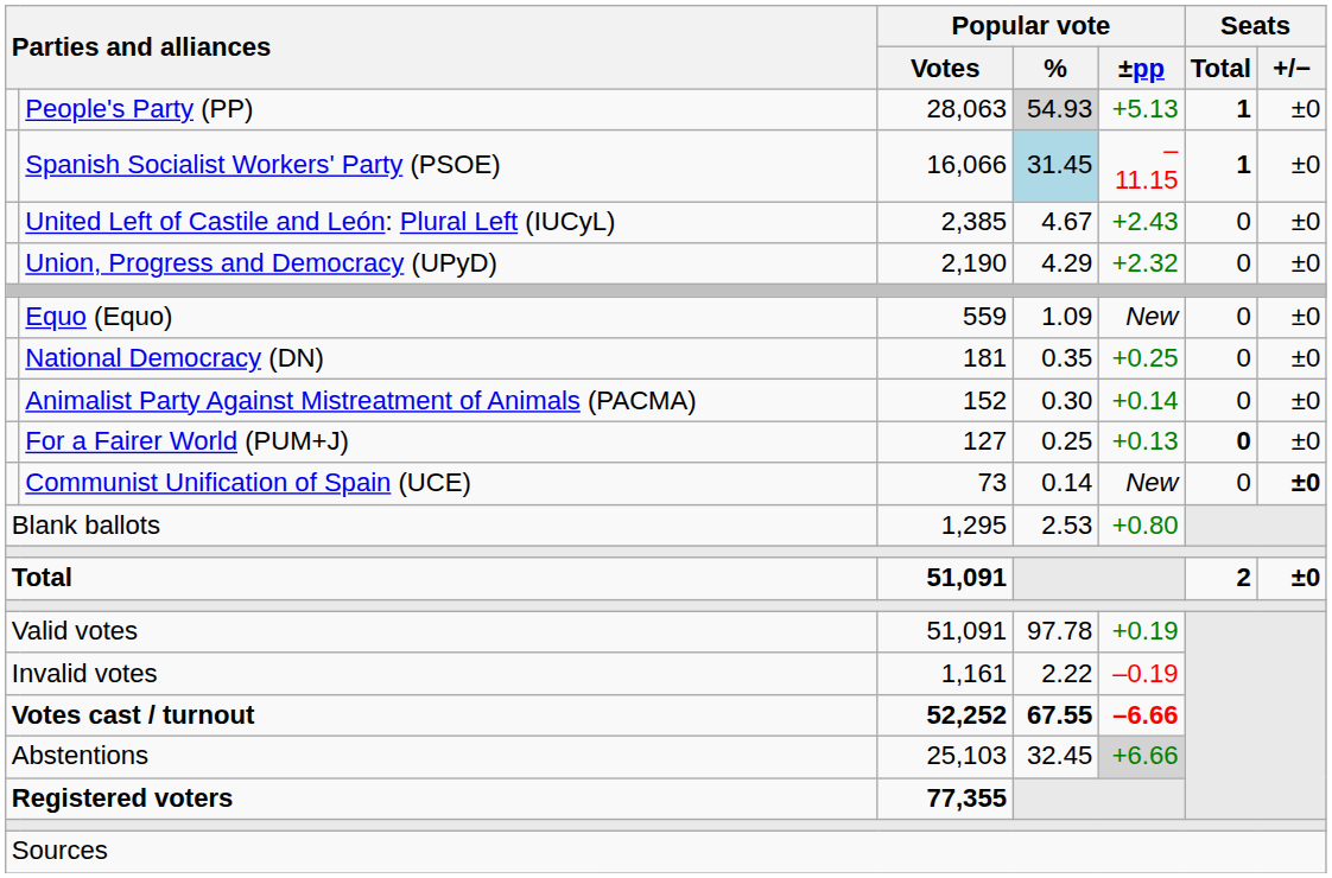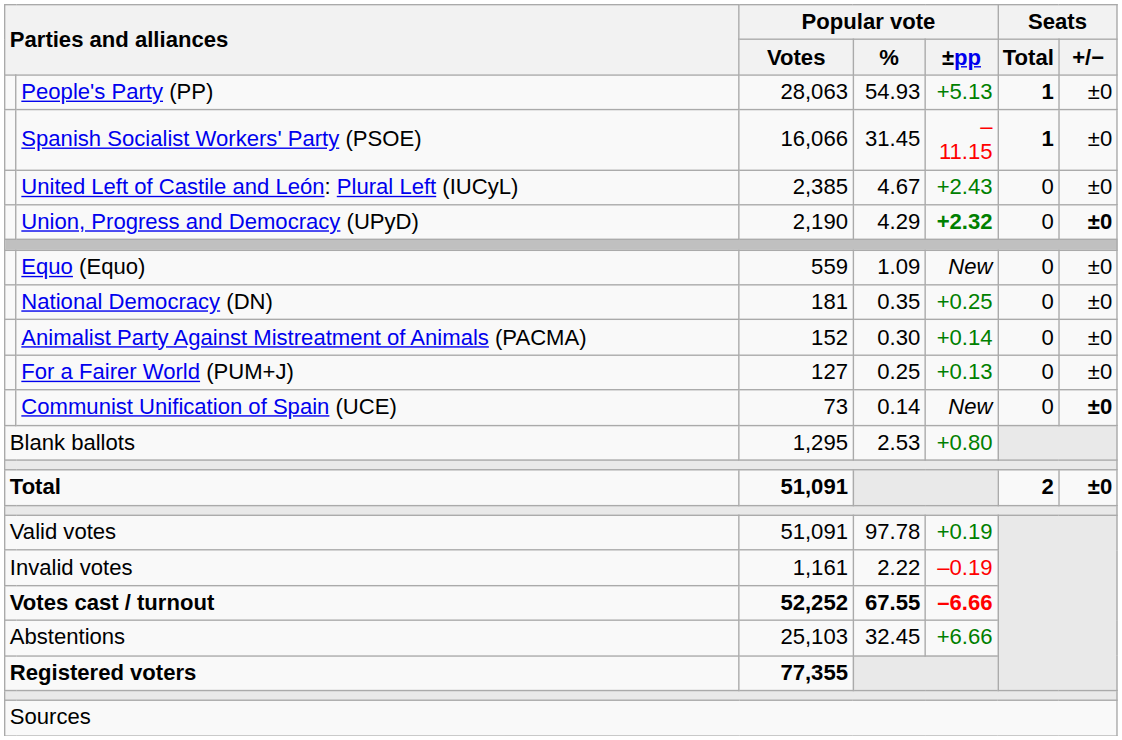 <table class="wikitable" style="text-align:right;">
 <tr>
 <th style="text-align:left;" rowspan="2" colspan="2" width="525">Parties and alliances</th>
 <th colspan="3">Popular vote</th>
 <th colspan="2">Seats</th>
 </tr>
 <tr>
 <th width="75">Votes</th>
 <th width="45">%</th>
 <th width="45">±<a href='#'>pp</a></th>
 <th width="35">Total</th>
 <th width="35">+/−</th>
 </tr>
 <tr>
 <td width="1" style="color:inherit;background:"></td>
 <td align="left"><a href='#'>People's Party</a> (PP)</td>
 <td>28,063</td>
-<td style="background: lightgrey;">54.93</td>
+<td>54.93</td>
 <td style="color:green;">+5.13</td>
 <td><strong>1</strong></td>
 <td>±0</td>
 </tr>
 <tr>
 <td style="color:inherit;background:"></td>
 <td align="left"><a href='#'>Spanish Socialist Workers' Party</a> (PSOE)</td>
 <td>16,066</td>
-<td style="background: lightblue;">31.45</td>
+<td>31.45</td>
 <td style="color:red;">–11.15</td>
 <td><strong>1</strong></td>
 <td>±0</td>
 </tr>
 <tr>
 <td style="color:inherit;background:"></td>
 <td align="left"><a href='#'>United Left of Castile and León</a>: <a href='#'>Plural Left</a> (IUCyL)</td>
 <td>2,385</td>
 <td>4.67</td>
 <td style="color:green;">+2.43</td>
 <td>0</td>
 <td>±0</td>
 </tr>
 <tr>
 <td style="color:inherit;background:"></td>
 <td align="left"><a href='#'>Union, Progress and Democracy</a> (UPyD)</td>
 <td>2,190</td>
 <td>4.29</td>
-<td style="color:green;">+2.32</td>
+<td style="color:green;"><strong>+2.32</strong></td>
 <td>0</td>
-<td>±0</td>
+<td><strong>±0</strong></td>
 </tr>
 <tr>
 <td colspan="7" bgcolor="#C0C0C0"></td>
 </tr>
 <tr>
 <td style="color:inherit;background:"></td>
 <td align="left"><a href='#'>Equo</a> (Equo)</td>
 <td>559</td>
 <td>1.09</td>
 <td><em>New</em></td>
 <td>0</td>
 <td>±0</td>
 </tr>
 <tr>
 <td style="color:inherit;background:"></td>
 <td align="left"><a href='#'>National Democracy</a> (DN)</td>
 <td>181</td>
 <td>0.35</td>
 <td style="color:green;">+0.25</td>
 <td>0</td>
 <td>±0</td>
 </tr>
 <tr>
 <td style="color:inherit;background:"></td>
 <td align="left"><a href='#'>Animalist Party Against Mistreatment of Animals</a> (PACMA)</td>
 <td>152</td>
 <td>0.30</td>
 <td style="color:green;">+0.14</td>
 <td>0</td>
 <td>±0</td>
 </tr>
 <tr>
 <td style="color:inherit;background:"></td>
 <td align="left"><a href='#'>For a Fairer World</a> (PUM+J)</td>
 <td>127</td>
 <td>0.25</td>
 <td style="color:green;">+0.13</td>
-<td><strong>0</strong></td>
+<td>0</td>
 <td>±0</td>
 </tr>
 <tr>
 <td style="color:inherit;background:"></td>
 <td align="left"><a href='#'>Communist Unification of Spain</a> (UCE)</td>
 <td>73</td>
 <td>0.14</td>
 <td><em>New</em></td>
 <td>0</td>
 <td><strong>±0</strong></td>
 </tr>
 <tr>
 <td align="left" colspan="2">Blank ballots</td>
 <td>1,295</td>
 <td>2.53</td>
 <td style="color:green;">+0.80</td>
 <td bgcolor="#E9E9E9" colspan="2"></td>
 </tr>
 <tr>
 <td colspan="7" bgcolor="#E9E9E9"></td>
 </tr>
 <tr style="font-weight:bold;">
 <td align="left" colspan="2">Total</td>
 <td>51,091</td>
 <td bgcolor="#E9E9E9" colspan="2"></td>
 <td>2</td>
 <td>±0</td>
 </tr>
 <tr>
 <td colspan="7" bgcolor="#E9E9E9"></td>
 </tr>
 <tr>
 <td align="left" colspan="2">Valid votes</td>
 <td>51,091</td>
 <td>97.78</td>
 <td style="color:green;">+0.19</td>
 <td bgcolor="#E9E9E9" colspan="2" rowspan="5"></td>
 </tr>
 <tr>
 <td align="left" colspan="2">Invalid votes</td>
 <td>1,161</td>
 <td>2.22</td>
 <td style="color:red;">–0.19</td>
 </tr>
 <tr style="font-weight:bold;">
 <td align="left" colspan="2">Votes cast / turnout</td>
 <td>52,252</td>
 <td>67.55</td>
 <td style="color:red;">–6.66</td>
 </tr>
 <tr>
 <td align="left" colspan="2">Abstentions</td>
 <td>25,103</td>
 <td>32.45</td>
-<td style="background: lightgrey; color:green;">+6.66</td>
+<td style="color:green;">+6.66</td>
 </tr>
 <tr style="font-weight:bold;">
 <td align="left" colspan="2">Registered voters</td>
 <td>77,355</td>
 <td bgcolor="#E9E9E9" colspan="2"></td>
 </tr>
 <tr>
 <td colspan="7" bgcolor="#E9E9E9"></td>
 </tr>
 <tr>
 <td align="left" colspan="7">Sources</td>
 </tr>
 </table>
